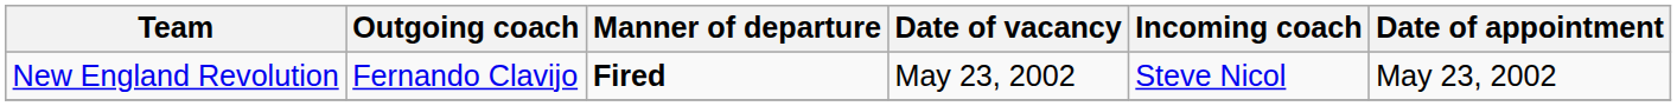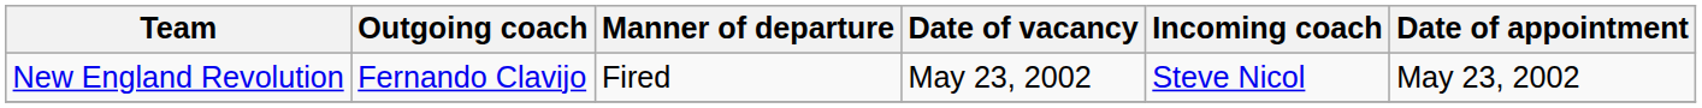 <table class="wikitable sortable">
 <tr>
 <th>Team</th>
 <th>Outgoing coach</th>
 <th>Manner of departure</th>
 <th>Date of vacancy</th>
 <th>Incoming coach</th>
 <th>Date of appointment</th>
 </tr>
 <tr>
 <td><a href='#'>New England Revolution</a></td>
 <td> <a href='#'>Fernando Clavijo</a></td>
-<td><strong>Fired</strong></td>
+<td>Fired</td>
 <td>May 23, 2002</td>
 <td> <a href='#'>Steve Nicol</a></td>
 <td>May 23, 2002</td>
 </tr>
 <tr>
 </tr>
 </table>
